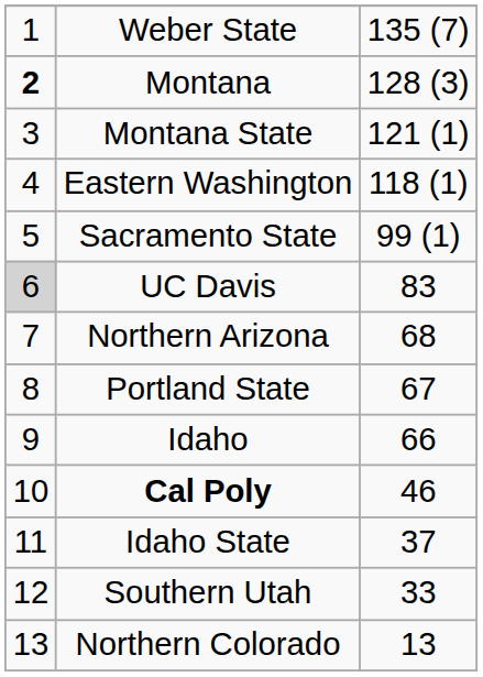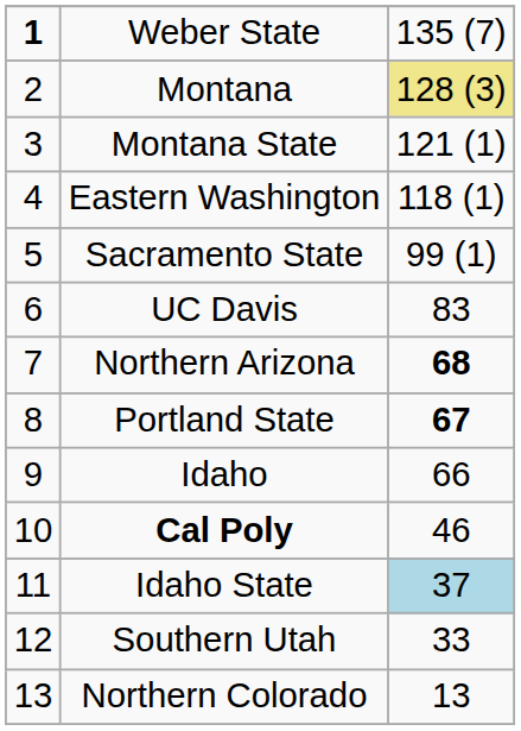 <table class="wikitable" style="display: inline-table;">
 <tr align="center">
 </tr>
 <tr align="center">
-<td>1</td>
+<td><strong>1</strong></td>
 <td>Weber State</td>
 <td>135 (7)</td>
 </tr>
 <tr align="center">
-<td><strong>2</strong></td>
+<td>2</td>
 <td>Montana</td>
-<td>128 (3)</td>
+<td style="background: khaki;">128 (3)</td>
 </tr>
 <tr align="center">
 <td>3</td>
 <td>Montana State</td>
 <td>121 (1)</td>
 </tr>
 <tr align="center">
 <td>4</td>
 <td>Eastern Washington</td>
 <td>118 (1)</td>
 </tr>
 <tr align="center">
 <td>5</td>
 <td>Sacramento State</td>
 <td>99 (1)</td>
 </tr>
 <tr align="center">
-<td style="background: lightgrey;">6</td>
+<td>6</td>
 <td>UC Davis</td>
 <td>83</td>
 </tr>
 <tr align="center">
 <td>7</td>
 <td>Northern Arizona</td>
-<td>68</td>
+<td><strong>68</strong></td>
 </tr>
 <tr align="center">
 <td>8</td>
 <td>Portland State</td>
-<td>67</td>
+<td><strong>67</strong></td>
 </tr>
 <tr align="center">
 <td>9</td>
 <td>Idaho</td>
 <td>66</td>
 </tr>
 <tr align="center">
 <td>10</td>
 <td><strong>Cal Poly</strong></td>
 <td>46</td>
 </tr>
 <tr align="center">
 <td>11</td>
 <td>Idaho State</td>
-<td>37</td>
+<td style="background: lightblue;">37</td>
 </tr>
 <tr align="center">
 <td>12</td>
 <td>Southern Utah</td>
 <td>33</td>
 </tr>
 <tr align="center">
 <td>13</td>
 <td>Northern Colorado</td>
 <td>13</td>
 </tr>
 </table>
